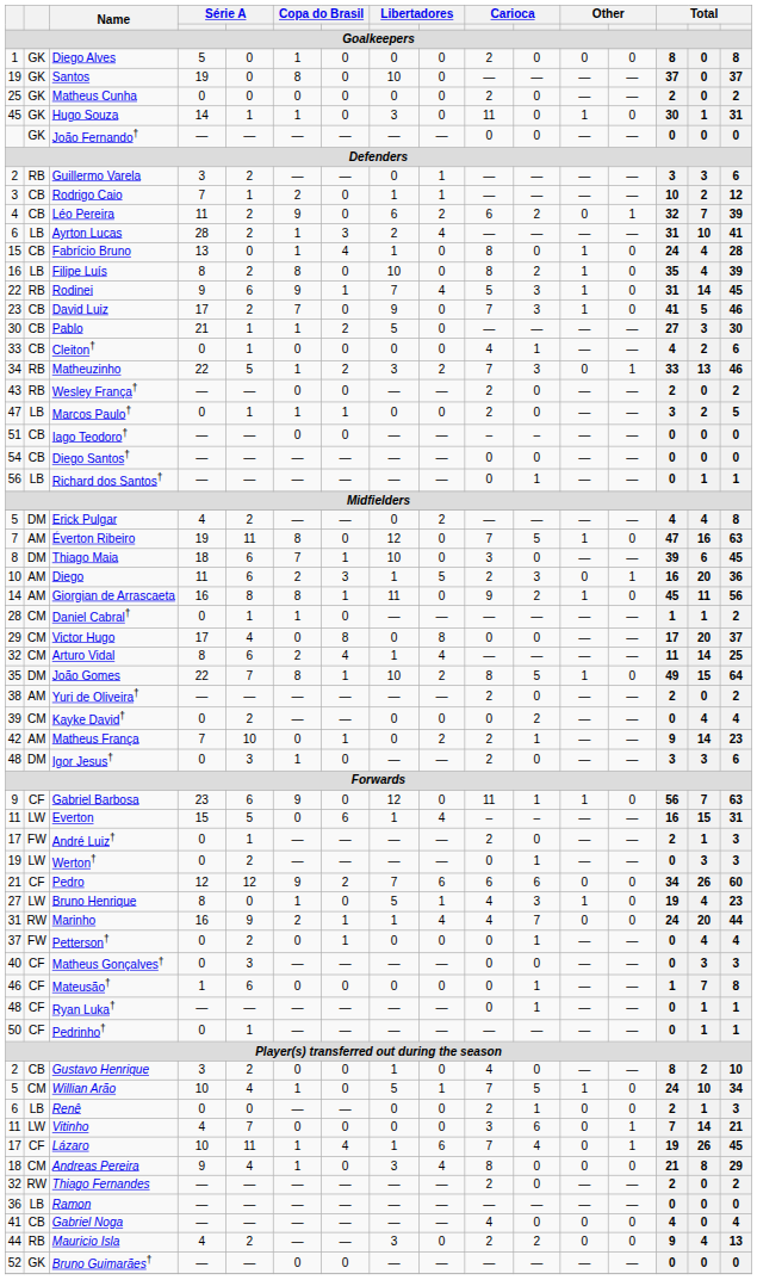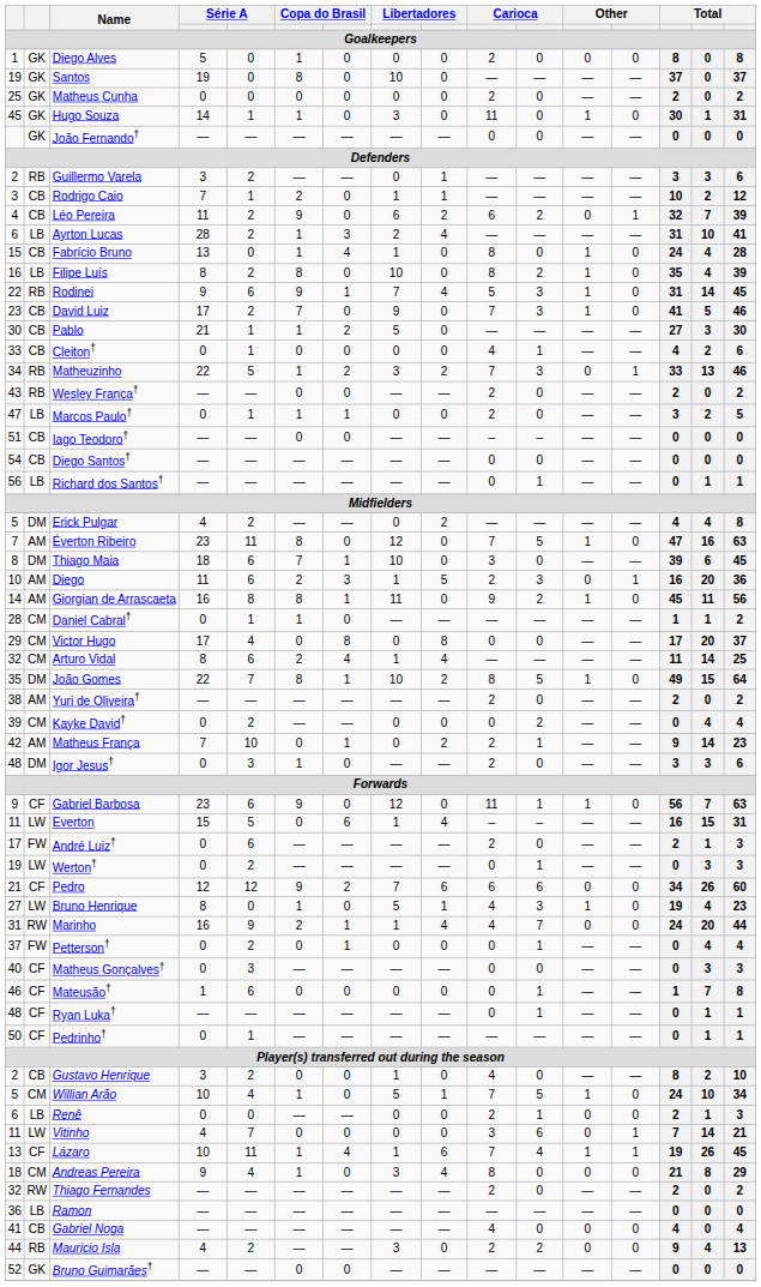 <table class="wikitable sortable" style="text-align:center">
 <tr>
 <th rowspan="2" style="vertical-align:bottom;"></th>
 <th rowspan="2" style="vertical-align:bottom;"></th>
 <th rowspan="2" style="vertical-align:bottom;">Name</th>
 <th colspan="2" style="width:120px;"><a href='#'>Série A</a></th>
 <th colspan="2" style="width:120px;"><a href='#'>Copa do Brasil</a></th>
 <th colspan="2" style="width:120px;"><a href='#'>Libertadores</a></th>
 <th colspan="2" style="width:120px;"><a href='#'>Carioca</a></th>
 <th colspan="2" style="width:120px;">Other</th>
 <th colspan="3" style="width:120px;">Total</th>
 </tr>
 <tr>
 <th></th>
 <th></th>
 <th></th>
 <th></th>
 <th></th>
 <th></th>
 <th></th>
 <th></th>
 <th></th>
 <th></th>
 <th></th>
 <th></th>
 <th></th>
 </tr>
 <tr>
 <th colspan=16 style=background:#dcdcdc; text-align:center><em>Goalkeepers</em></th>
 </tr>
 <tr>
 <td>1</td>
 <td>GK</td>
 <td align="left"> <a href='#'>Diego Alves</a></td>
 <td>5</td>
 <td>0</td>
 <td>1</td>
 <td>0</td>
 <td>0</td>
 <td>0</td>
 <td>2</td>
 <td>0</td>
 <td>0</td>
 <td>0</td>
 <th>8</th>
 <th>0</th>
 <th>8</th>
 </tr>
 <tr>
 <td>19</td>
 <td>GK</td>
 <td style="text-align:left;"> <a href='#'>Santos</a></td>
 <td>19</td>
 <td>0</td>
 <td>8</td>
 <td>0</td>
 <td>10</td>
 <td>0</td>
 <td>—</td>
 <td>—</td>
 <td>—</td>
 <td>—</td>
 <th>37</th>
 <th>0</th>
 <th>37</th>
 </tr>
 <tr>
 <td>25</td>
 <td>GK</td>
 <td align="left"> <a href='#'>Matheus Cunha</a></td>
 <td>0</td>
 <td>0</td>
 <td>0</td>
 <td>0</td>
 <td>0</td>
 <td>0</td>
 <td>2</td>
 <td>0</td>
 <td>—</td>
 <td>—</td>
 <th>2</th>
 <th>0</th>
 <th>2</th>
 </tr>
 <tr>
 <td>45</td>
 <td>GK</td>
 <td align="left"> <a href='#'>Hugo Souza</a></td>
 <td>14</td>
 <td>1</td>
 <td>1</td>
 <td>0</td>
 <td>3</td>
 <td>0</td>
 <td>11</td>
 <td>0</td>
 <td>1</td>
 <td>0</td>
 <th>30</th>
 <th>1</th>
 <th>31</th>
 </tr>
 <tr>
 <td></td>
 <td>GK</td>
 <td align="left"> <a href='#'>João Fernando</a><sup>†</sup></td>
 <td>—</td>
 <td>—</td>
 <td>—</td>
 <td>—</td>
 <td>—</td>
 <td>—</td>
 <td>0</td>
 <td>0</td>
 <td>—</td>
 <td>—</td>
 <th>0</th>
 <th>0</th>
 <th>0</th>
 </tr>
 <tr>
 <th colspan="16" style="background:#dcdcdc;" text-align:center><em>Defenders</em></th>
 </tr>
 <tr>
 <td>2</td>
 <td>RB</td>
 <td align="left"> <a href='#'>Guillermo Varela</a></td>
 <td>3</td>
 <td>2</td>
 <td>—</td>
 <td>—</td>
 <td>0</td>
 <td>1</td>
 <td>—</td>
 <td>—</td>
 <td>—</td>
 <td>—</td>
 <th>3</th>
 <th>3</th>
 <th>6</th>
 </tr>
 <tr>
 <td>3</td>
 <td>CB</td>
 <td align="left"> <a href='#'>Rodrigo Caio</a></td>
 <td>7</td>
 <td>1</td>
 <td>2</td>
 <td>0</td>
 <td>1</td>
 <td>1</td>
 <td>—</td>
 <td>—</td>
 <td>—</td>
 <td>—</td>
 <th>10</th>
 <th>2</th>
 <th>12</th>
 </tr>
 <tr>
 <td>4</td>
 <td>CB</td>
 <td align="left"> <a href='#'>Léo Pereira</a></td>
 <td>11</td>
 <td>2</td>
 <td>9</td>
 <td>0</td>
 <td>6</td>
 <td>2</td>
 <td>6</td>
 <td>2</td>
 <td>0</td>
 <td>1</td>
 <th>32</th>
 <th>7</th>
 <th>39</th>
 </tr>
 <tr>
 <td>6</td>
 <td>LB</td>
 <td style="text-align:left;"> <a href='#'>Ayrton Lucas</a></td>
 <td>28</td>
 <td>2</td>
 <td>1</td>
 <td>3</td>
 <td>2</td>
 <td>4</td>
 <td>—</td>
 <td>—</td>
 <td>—</td>
 <td>—</td>
 <th>31</th>
 <th>10</th>
 <th>41</th>
 </tr>
 <tr>
 <td>15</td>
 <td>CB</td>
 <td style="text-align:left;"> <a href='#'>Fabrício Bruno</a></td>
 <td>13</td>
 <td>0</td>
 <td>1</td>
 <td>4</td>
 <td>1</td>
 <td>0</td>
 <td>8</td>
 <td>0</td>
 <td>1</td>
 <td>0</td>
 <th>24</th>
 <th>4</th>
 <th>28</th>
 </tr>
 <tr>
 <td>16</td>
 <td>LB</td>
 <td style="text-align:left;"> <a href='#'>Filipe Luís</a></td>
 <td>8</td>
 <td>2</td>
 <td>8</td>
 <td>0</td>
 <td>10</td>
 <td>0</td>
 <td>8</td>
 <td>2</td>
 <td>1</td>
 <td>0</td>
 <th>35</th>
 <th>4</th>
 <th>39</th>
 </tr>
 <tr>
 <td>22</td>
 <td>RB</td>
 <td style="text-align:left;"> <a href='#'>Rodinei</a></td>
 <td>9</td>
 <td>6</td>
 <td>9</td>
 <td>1</td>
 <td>7</td>
 <td>4</td>
 <td>5</td>
 <td>3</td>
 <td>1</td>
 <td>0</td>
 <th>31</th>
 <th>14</th>
 <th>45</th>
 </tr>
 <tr>
 <td>23</td>
 <td>CB</td>
 <td style="text-align:left;"> <a href='#'>David Luiz</a></td>
 <td>17</td>
 <td>2</td>
 <td>7</td>
 <td>0</td>
 <td>9</td>
 <td>0</td>
 <td>7</td>
 <td>3</td>
 <td>1</td>
 <td>0</td>
 <th>41</th>
 <th>5</th>
 <th>46</th>
 </tr>
 <tr>
 <td>30</td>
 <td>CB</td>
 <td style="text-align:left;"> <a href='#'>Pablo</a></td>
 <td>21</td>
 <td>1</td>
 <td>1</td>
 <td>2</td>
 <td>5</td>
 <td>0</td>
 <td>—</td>
 <td>—</td>
 <td>—</td>
 <td>—</td>
 <th>27</th>
 <th>3</th>
 <th>30</th>
 </tr>
 <tr>
 <td>33</td>
 <td>CB</td>
 <td style="text-align:left;"> <a href='#'>Cleiton</a><sup>†</sup></td>
 <td>0</td>
 <td>1</td>
 <td>0</td>
 <td>0</td>
 <td>0</td>
 <td>0</td>
 <td>4</td>
 <td>1</td>
 <td>—</td>
 <td>—</td>
 <th>4</th>
 <th>2</th>
 <th>6</th>
 </tr>
 <tr>
 <td>34</td>
 <td>RB</td>
 <td style="text-align:left;"> <a href='#'>Matheuzinho</a></td>
 <td>22</td>
 <td>5</td>
 <td>1</td>
 <td>2</td>
 <td>3</td>
 <td>2</td>
 <td>7</td>
 <td>3</td>
 <td>0</td>
 <td>1</td>
 <th>33</th>
 <th>13</th>
 <th>46</th>
 </tr>
 <tr>
 <td>43</td>
 <td>RB</td>
 <td style="text-align:left;"> <a href='#'>Wesley França</a><sup>†</sup></td>
 <td>—</td>
 <td>—</td>
 <td>0</td>
 <td>0</td>
 <td>—</td>
 <td>—</td>
 <td>2</td>
 <td>0</td>
 <td>—</td>
 <td>—</td>
 <th>2</th>
 <th>0</th>
 <th>2</th>
 </tr>
 <tr>
 <td>47</td>
 <td>LB</td>
 <td style="text-align:left;"> <a href='#'>Marcos Paulo</a><sup>†</sup></td>
 <td>0</td>
 <td>1</td>
 <td>1</td>
 <td>1</td>
 <td>0</td>
 <td>0</td>
 <td>2</td>
 <td>0</td>
 <td>—</td>
 <td>—</td>
 <th>3</th>
 <th>2</th>
 <th>5</th>
 </tr>
 <tr>
 <td>51</td>
 <td>CB</td>
 <td style="text-align:left;"> <a href='#'>Iago Teodoro</a><sup>†</sup></td>
 <td>—</td>
 <td>—</td>
 <td>0</td>
 <td>0</td>
 <td>—</td>
 <td>—</td>
 <td>–</td>
 <td>–</td>
 <td>—</td>
 <td>—</td>
 <th>0</th>
 <th>0</th>
 <th>0</th>
 </tr>
 <tr>
 <td>54</td>
 <td>CB</td>
 <td style="text-align:left;"> <a href='#'>Diego Santos</a><sup>†</sup></td>
 <td>—</td>
 <td>—</td>
 <td>—</td>
 <td>—</td>
 <td>—</td>
 <td>—</td>
 <td>0</td>
 <td>0</td>
 <td>—</td>
 <td>—</td>
 <th>0</th>
 <th>0</th>
 <th>0</th>
 </tr>
 <tr>
 <td>56</td>
 <td>LB</td>
 <td style="text-align:left;"> <a href='#'>Richard dos Santos</a><sup>†</sup></td>
 <td>—</td>
 <td>—</td>
 <td>—</td>
 <td>—</td>
 <td>—</td>
 <td>—</td>
 <td>0</td>
 <td>1</td>
 <td>—</td>
 <td>—</td>
 <th>0</th>
 <th>1</th>
 <th>1</th>
 </tr>
 <tr>
 <th colspan="16" style="background:#dcdcdc;" text-align:center><em>Midfielders</em></th>
 </tr>
 <tr>
 <td>5</td>
 <td>DM</td>
 <td style="text-align:left;"> <a href='#'>Erick Pulgar</a></td>
 <td>4</td>
 <td>2</td>
 <td>—</td>
 <td>—</td>
 <td>0</td>
 <td>2</td>
 <td>—</td>
 <td>—</td>
 <td>—</td>
 <td>—</td>
 <th>4</th>
 <th>4</th>
 <th>8</th>
 </tr>
 <tr>
 <td>7</td>
 <td>AM</td>
 <td style="text-align:left;"> <a href='#'>Éverton Ribeiro</a></td>
-<td>19</td>
+<td>23</td>
 <td>11</td>
 <td>8</td>
 <td>0</td>
 <td>12</td>
 <td>0</td>
 <td>7</td>
 <td>5</td>
 <td>1</td>
 <td>0</td>
 <th>47</th>
 <th>16</th>
 <th>63</th>
 </tr>
 <tr>
 <td>8</td>
 <td>DM</td>
 <td style="text-align:left;"> <a href='#'>Thiago Maia</a></td>
 <td>18</td>
 <td>6</td>
 <td>7</td>
 <td>1</td>
 <td>10</td>
 <td>0</td>
 <td>3</td>
 <td>0</td>
 <td>—</td>
 <td>—</td>
 <th>39</th>
 <th>6</th>
 <th>45</th>
 </tr>
 <tr>
 <td>10</td>
 <td>AM</td>
 <td style="text-align:left;"> <a href='#'>Diego</a></td>
 <td>11</td>
 <td>6</td>
 <td>2</td>
 <td>3</td>
 <td>1</td>
 <td>5</td>
 <td>2</td>
 <td>3</td>
 <td>0</td>
 <td>1</td>
 <th>16</th>
 <th>20</th>
 <th>36</th>
 </tr>
 <tr>
 <td>14</td>
 <td>AM</td>
 <td style="text-align:left;"> <a href='#'>Giorgian de Arrascaeta</a></td>
 <td>16</td>
 <td>8</td>
 <td>8</td>
 <td>1</td>
 <td>11</td>
 <td>0</td>
 <td>9</td>
 <td>2</td>
 <td>1</td>
 <td>0</td>
 <th>45</th>
 <th>11</th>
 <th>56</th>
 </tr>
 <tr>
 <td>28</td>
 <td>CM</td>
 <td style="text-align:left;"> <a href='#'>Daniel Cabral</a><sup>†</sup></td>
 <td>0</td>
 <td>1</td>
 <td>1</td>
 <td>0</td>
 <td>—</td>
 <td>—</td>
 <td>—</td>
 <td>—</td>
 <td>—</td>
 <td>—</td>
 <th>1</th>
 <th>1</th>
 <th>2</th>
 </tr>
 <tr>
 <td>29</td>
 <td>CM</td>
 <td style="text-align:left;"> <a href='#'>Victor Hugo</a></td>
 <td>17</td>
 <td>4</td>
 <td>0</td>
 <td>8</td>
 <td>0</td>
 <td>8</td>
 <td>0</td>
 <td>0</td>
 <td>—</td>
 <td>—</td>
 <th>17</th>
 <th>20</th>
 <th>37</th>
 </tr>
 <tr>
 <td>32</td>
 <td>CM</td>
 <td style="text-align:left;"> <a href='#'>Arturo Vidal</a></td>
 <td>8</td>
 <td>6</td>
 <td>2</td>
 <td>4</td>
 <td>1</td>
 <td>4</td>
 <td>—</td>
 <td>—</td>
 <td>—</td>
 <td>—</td>
 <th>11</th>
 <th>14</th>
 <th>25</th>
 </tr>
 <tr>
 <td>35</td>
 <td>DM</td>
 <td style="text-align:left;"> <a href='#'>João Gomes</a></td>
 <td>22</td>
 <td>7</td>
 <td>8</td>
 <td>1</td>
 <td>10</td>
 <td>2</td>
 <td>8</td>
 <td>5</td>
 <td>1</td>
 <td>0</td>
 <th>49</th>
 <th>15</th>
 <th>64</th>
 </tr>
 <tr>
 <td>38</td>
 <td>AM</td>
 <td style="text-align:left;"> <a href='#'>Yuri de Oliveira</a><sup>†</sup></td>
 <td>—</td>
 <td>—</td>
 <td>—</td>
 <td>—</td>
 <td>—</td>
 <td>—</td>
 <td>2</td>
 <td>0</td>
 <td>—</td>
 <td>—</td>
 <th>2</th>
 <th>0</th>
 <th>2</th>
 </tr>
 <tr>
 <td>39</td>
 <td>CM</td>
 <td style="text-align:left;"> <a href='#'>Kayke David</a><sup>†</sup></td>
 <td>0</td>
 <td>2</td>
 <td>—</td>
 <td>—</td>
 <td>0</td>
 <td>0</td>
 <td>0</td>
 <td>2</td>
 <td>—</td>
 <td>—</td>
 <th>0</th>
 <th>4</th>
 <th>4</th>
 </tr>
 <tr>
 <td>42</td>
 <td>AM</td>
 <td style="text-align:left;"> <a href='#'>Matheus França</a></td>
 <td>7</td>
 <td>10</td>
 <td>0</td>
 <td>1</td>
 <td>0</td>
 <td>2</td>
 <td>2</td>
 <td>1</td>
 <td>—</td>
 <td>—</td>
 <th>9</th>
 <th>14</th>
 <th>23</th>
 </tr>
 <tr>
 <td>48</td>
 <td>DM</td>
 <td style="text-align:left;"> <a href='#'>Igor Jesus</a><sup>†</sup></td>
 <td>0</td>
 <td>3</td>
 <td>1</td>
 <td>0</td>
 <td>—</td>
 <td>—</td>
 <td>2</td>
 <td>0</td>
 <td>—</td>
 <td>—</td>
 <th>3</th>
 <th>3</th>
 <th>6</th>
 </tr>
 <tr>
 <th colspan="16" style="background:#dcdcdc;" text-align:center><em>Forwards</em></th>
 </tr>
 <tr>
 <td>9</td>
 <td>CF</td>
 <td style="text-align:left;"> <a href='#'>Gabriel Barbosa</a></td>
 <td>23</td>
 <td>6</td>
 <td>9</td>
 <td>0</td>
 <td>12</td>
 <td>0</td>
 <td>11</td>
 <td>1</td>
 <td>1</td>
 <td>0</td>
 <th>56</th>
 <th>7</th>
 <th>63</th>
 </tr>
 <tr>
 <td>11</td>
 <td>LW</td>
 <td style="text-align:left;"> <a href='#'>Everton</a></td>
 <td>15</td>
 <td>5</td>
 <td>0</td>
 <td>6</td>
 <td>1</td>
 <td>4</td>
 <td>–</td>
 <td>–</td>
 <td>—</td>
 <td>—</td>
 <th>16</th>
 <th>15</th>
 <th>31</th>
 </tr>
 <tr>
 <td>17</td>
 <td>FW</td>
 <td style="text-align:left;"> <a href='#'>André Luiz</a><sup>†</sup></td>
 <td>0</td>
-<td>1</td>
+<td>6</td>
 <td>—</td>
 <td>—</td>
 <td>—</td>
 <td>—</td>
 <td>2</td>
 <td>0</td>
 <td>—</td>
 <td>—</td>
 <th>2</th>
 <th>1</th>
 <th>3</th>
 </tr>
 <tr>
 <td>19</td>
 <td>LW</td>
 <td style="text-align:left;"> <a href='#'>Werton</a><sup>†</sup></td>
 <td>0</td>
 <td>2</td>
 <td>—</td>
 <td>—</td>
 <td>—</td>
 <td>—</td>
 <td>0</td>
 <td>1</td>
 <td>—</td>
 <td>—</td>
 <th>0</th>
 <th>3</th>
 <th>3</th>
 </tr>
 <tr>
 <td>21</td>
 <td>CF</td>
 <td style="text-align:left;"> <a href='#'>Pedro</a></td>
 <td>12</td>
 <td>12</td>
 <td>9</td>
 <td>2</td>
 <td>7</td>
 <td>6</td>
 <td>6</td>
 <td>6</td>
 <td>0</td>
 <td>0</td>
 <th>34</th>
 <th>26</th>
 <th>60</th>
 </tr>
 <tr>
 <td>27</td>
 <td>LW</td>
 <td style="text-align:left;"> <a href='#'>Bruno Henrique</a></td>
 <td>8</td>
 <td>0</td>
 <td>1</td>
 <td>0</td>
 <td>5</td>
 <td>1</td>
 <td>4</td>
 <td>3</td>
 <td>1</td>
 <td>0</td>
 <th>19</th>
 <th>4</th>
 <th>23</th>
 </tr>
 <tr>
 <td>31</td>
 <td>RW</td>
 <td style="text-align:left;"> <a href='#'>Marinho</a></td>
 <td>16</td>
 <td>9</td>
 <td>2</td>
 <td>1</td>
 <td>1</td>
 <td>4</td>
 <td>4</td>
 <td>7</td>
 <td>0</td>
 <td>0</td>
 <th>24</th>
 <th>20</th>
 <th>44</th>
 </tr>
 <tr>
 <td>37</td>
 <td>FW</td>
 <td style="text-align:left;"> <a href='#'>Petterson</a><sup>†</sup></td>
 <td>0</td>
 <td>2</td>
 <td>0</td>
 <td>1</td>
 <td>0</td>
 <td>0</td>
 <td>0</td>
 <td>1</td>
 <td>—</td>
 <td>—</td>
 <th>0</th>
 <th>4</th>
 <th>4</th>
 </tr>
 <tr>
 <td>40</td>
 <td>CF</td>
 <td style="text-align:left;"> <a href='#'>Matheus Gonçalves</a><sup>†</sup></td>
 <td>0</td>
 <td>3</td>
 <td>—</td>
 <td>—</td>
 <td>—</td>
 <td>—</td>
 <td>0</td>
 <td>0</td>
 <td>—</td>
 <td>—</td>
 <th>0</th>
 <th>3</th>
 <th>3</th>
 </tr>
 <tr>
 <td>46</td>
 <td>CF</td>
 <td style="text-align:left;"> <a href='#'>Mateusão</a><sup>†</sup></td>
 <td>1</td>
 <td>6</td>
 <td>0</td>
 <td>0</td>
 <td>0</td>
 <td>0</td>
 <td>0</td>
 <td>1</td>
 <td>—</td>
 <td>—</td>
 <th>1</th>
 <th>7</th>
 <th>8</th>
 </tr>
 <tr>
 <td>48</td>
 <td>CF</td>
 <td style="text-align:left;"> <a href='#'>Ryan Luka</a><sup>†</sup></td>
 <td>—</td>
 <td>—</td>
 <td>—</td>
 <td>—</td>
 <td>—</td>
 <td>—</td>
 <td>0</td>
 <td>1</td>
 <td>—</td>
 <td>—</td>
 <th>0</th>
 <th>1</th>
 <th>1</th>
 </tr>
 <tr>
 <td>50</td>
 <td>CF</td>
 <td style="text-align:left;"> <a href='#'>Pedrinho</a><sup>†</sup></td>
 <td>0</td>
 <td>1</td>
 <td>—</td>
 <td>—</td>
 <td>—</td>
 <td>—</td>
 <td>—</td>
 <td>—</td>
 <td>—</td>
 <td>—</td>
 <th>0</th>
 <th>1</th>
 <th>1</th>
 </tr>
 <tr>
 <th colspan="16" style="background:#dcdcdc;" text-align:center><em>Player(s) transferred out during the season</em></th>
 </tr>
 <tr>
 <td>2</td>
 <td>CB</td>
 <td align="left"> <em><a href='#'>Gustavo Henrique</a></em></td>
 <td>3</td>
 <td>2</td>
 <td>0</td>
 <td>0</td>
 <td>1</td>
 <td>0</td>
 <td>4</td>
 <td>0</td>
 <td>—</td>
 <td>—</td>
 <th>8</th>
 <th>2</th>
 <th>10</th>
 </tr>
 <tr>
 <td>5</td>
 <td>CM</td>
 <td style="text-align:left;"> <em><a href='#'>Willian Arão</a></em></td>
 <td>10</td>
 <td>4</td>
 <td>1</td>
 <td>0</td>
 <td>5</td>
 <td>1</td>
 <td>7</td>
 <td>5</td>
 <td>1</td>
 <td>0</td>
 <th>24</th>
 <th>10</th>
 <th>34</th>
 </tr>
 <tr>
 <td>6</td>
 <td>LB</td>
 <td style="text-align:left;"> <em><a href='#'>Renê</a></em></td>
 <td>0</td>
 <td>0</td>
 <td>—</td>
 <td>—</td>
 <td>0</td>
 <td>0</td>
 <td>2</td>
 <td>1</td>
 <td>0</td>
 <td>0</td>
 <th>2</th>
 <th>1</th>
 <th>3</th>
 </tr>
 <tr>
 <td>11</td>
 <td>LW</td>
 <td style="text-align:left;"> <em><a href='#'>Vitinho</a></em></td>
 <td>4</td>
 <td>7</td>
 <td>0</td>
 <td>0</td>
 <td>0</td>
 <td>0</td>
 <td>3</td>
 <td>6</td>
 <td>0</td>
 <td>1</td>
 <th>7</th>
 <th>14</th>
 <th>21</th>
 </tr>
 <tr>
-<td>17</td>
+<td>13</td>
 <td>CF</td>
 <td style="text-align:left;"> <em><a href='#'>Lázaro</a></em></td>
 <td>10</td>
 <td>11</td>
 <td>1</td>
 <td>4</td>
 <td>1</td>
 <td>6</td>
 <td>7</td>
 <td>4</td>
-<td>0</td>
+<td>1</td>
 <td>1</td>
 <th>19</th>
 <th>26</th>
 <th>45</th>
 </tr>
 <tr>
 <td>18</td>
 <td>CM</td>
 <td style="text-align:left;"> <em><a href='#'>Andreas Pereira</a></em></td>
 <td>9</td>
 <td>4</td>
 <td>1</td>
 <td>0</td>
 <td>3</td>
 <td>4</td>
 <td>8</td>
 <td>0</td>
 <td>0</td>
 <td>0</td>
 <th>21</th>
 <th>8</th>
 <th>29</th>
 </tr>
 <tr>
 <td>32</td>
 <td>RW</td>
 <td style="text-align:left;"> <em><a href='#'>Thiago Fernandes</a></em></td>
 <td>—</td>
 <td>—</td>
 <td>—</td>
 <td>—</td>
 <td>—</td>
 <td>—</td>
 <td>2</td>
 <td>0</td>
 <td>—</td>
 <td>—</td>
 <th>2</th>
 <th>0</th>
 <th>2</th>
 </tr>
 <tr>
 <td>36</td>
 <td>LB</td>
 <td style="text-align:left;"> <em><a href='#'>Ramon</a></em></td>
 <td>—</td>
 <td>—</td>
 <td>—</td>
 <td>—</td>
 <td>—</td>
 <td>—</td>
 <td>—</td>
 <td>—</td>
 <td>—</td>
 <td>—</td>
 <th>0</th>
 <th>0</th>
 <th>0</th>
 </tr>
 <tr>
 <td>41</td>
 <td>CB</td>
 <td style="text-align:left;"> <em><a href='#'>Gabriel Noga</a></em></td>
 <td>—</td>
 <td>—</td>
 <td>—</td>
 <td>—</td>
 <td>—</td>
 <td>—</td>
 <td>4</td>
 <td>0</td>
 <td>0</td>
 <td>0</td>
 <th>4</th>
 <th>0</th>
 <th>4</th>
 </tr>
 <tr>
 <td>44</td>
 <td>RB</td>
 <td style="text-align:left;"> <em><a href='#'>Mauricio Isla</a></em></td>
 <td>4</td>
 <td>2</td>
 <td>—</td>
 <td>—</td>
 <td>3</td>
 <td>0</td>
 <td>2</td>
 <td>2</td>
 <td>0</td>
 <td>0</td>
 <th>9</th>
 <th>4</th>
 <th>13</th>
 </tr>
 <tr>
 <td>52</td>
 <td>GK</td>
 <td align="left"> <em><a href='#'>Bruno Guimarães</a></em><sup>†</sup></td>
 <td>—</td>
 <td>—</td>
 <td>0</td>
 <td>0</td>
 <td>—</td>
 <td>—</td>
 <td>—</td>
 <td>—</td>
 <td>—</td>
 <td>—</td>
 <th>0</th>
 <th>0</th>
 <th>0</th>
 </tr>
 <tr>
 </tr>
 </table>
